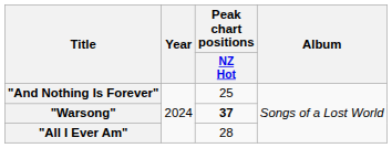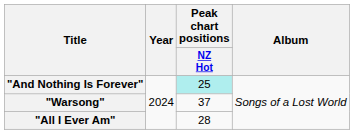 <table class="wikitable plainrowheaders" style="text-align:center;">
 <tr>
 <th scope="col" rowspan="2">Title</th>
 <th scope="col" rowspan="2">Year</th>
 <th scope="col">Peak chart positions</th>
 <th scope="col" rowspan="2">Album</th>
 </tr>
 <tr>
 <th scope="col" style="width:3em;font-size:90%;"><a href='#'>NZ<br>Hot</a><br></th>
 </tr>
 <tr>
 <th scope="row">"And Nothing Is Forever"</th>
 <td rowspan="3">2024</td>
-<td>25</td>
+<td style="background: paleturquoise;">25</td>
 <td rowspan="3"><em>Songs of a Lost World</em></td>
 </tr>
 <tr>
 <th scope="row">"Warsong"</th>
-<td><strong>37</strong></td>
+<td>37</td>
 </tr>
 <tr>
 <th scope="row">"All I Ever Am"</th>
 <td>28</td>
 </tr>
 </table>
